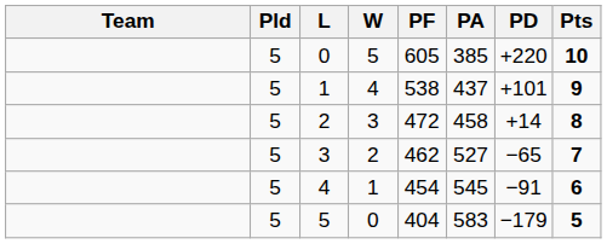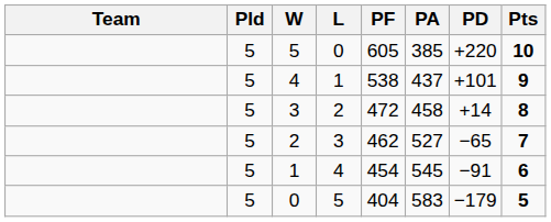 <table class=wikitable style="text-align:center">
 <tr>
 <th width=180>Team</th>
 <th width=30>Pld</th>
+<th width=30>W</th>
 <th width=30>L</th>
-<th width=30>W</th>
 <th width=30>PF</th>
 <th width=30>PA</th>
 <th width=30>PD</th>
 <th width=30>Pts</th>
 </tr>
 <tr>
 <td align="left"></td>
 <td>5</td>
+<td>5</td>
 <td>0</td>
-<td>5</td>
 <td>605</td>
 <td>385</td>
 <td>+220</td>
 <td><strong>10</strong></td>
 </tr>
 <tr>
 <td align="left"></td>
 <td>5</td>
+<td>4</td>
 <td>1</td>
-<td>4</td>
 <td>538</td>
 <td>437</td>
 <td>+101</td>
 <td><strong>9</strong></td>
 </tr>
 <tr>
 <td align="left"></td>
 <td>5</td>
+<td>3</td>
 <td>2</td>
-<td>3</td>
 <td>472</td>
 <td>458</td>
 <td>+14</td>
 <td><strong>8</strong></td>
 </tr>
 <tr>
 <td align="left"></td>
 <td>5</td>
+<td>2</td>
 <td>3</td>
-<td>2</td>
 <td>462</td>
 <td>527</td>
 <td>−65</td>
 <td><strong>7</strong></td>
 </tr>
 <tr>
 <td align="left"></td>
 <td>5</td>
+<td>1</td>
 <td>4</td>
-<td>1</td>
 <td>454</td>
 <td>545</td>
 <td>−91</td>
 <td><strong>6</strong></td>
 </tr>
 <tr>
 <td align="left"></td>
 <td>5</td>
+<td>0</td>
 <td>5</td>
-<td>0</td>
 <td>404</td>
 <td>583</td>
 <td>−179</td>
 <td><strong>5</strong></td>
 </tr>
 </table>
